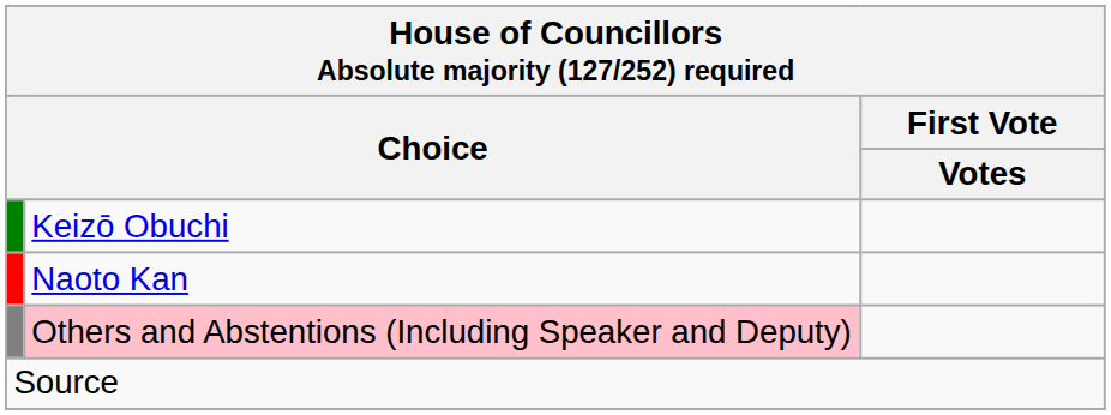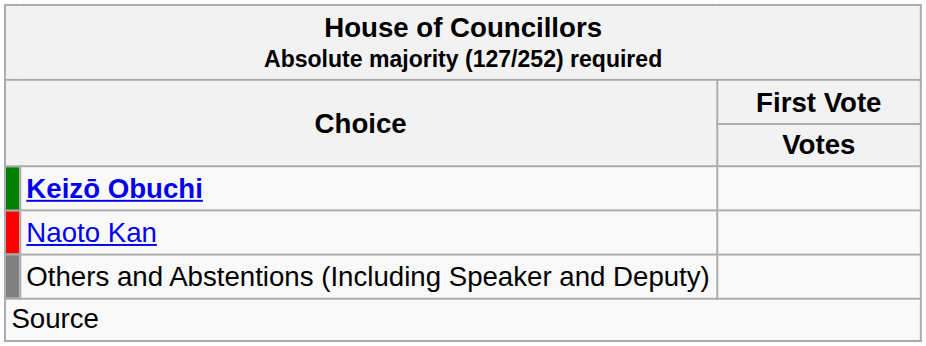 <table class="wikitable" style="font-size:90%;">
 <tr>
 <th colspan="4">House of Councillors <br><small>Absolute majority (127/252) required</small></th>
 </tr>
 <tr>
 <th align="left" rowspan="2" colspan="2" width="100">Choice</th>
 <th colspan="2">First Vote</th>
 </tr>
 <tr>
 <th width="100">Votes</th>
 </tr>
 <tr>
 <td width="1" bgcolor="green"></td>
-<td align="left"><a href='#'>Keizō Obuchi</a></td>
+<td align="left"><strong><a href='#'>Keizō Obuchi</a></strong></td>
 <td></td>
 </tr>
 <tr>
 <td bgcolor="red"></td>
 <td align="left"><a href='#'>Naoto Kan</a></td>
 <td></td>
 </tr>
 <tr>
 <td bgcolor="gray"></td>
-<td align="left" style="background: pink;">Others and Abstentions (Including Speaker and Deputy)</td>
+<td align="left">Others and Abstentions (Including Speaker and Deputy)</td>
 <td></td>
 </tr>
 <tr>
 <td colspan=3>Source </td>
 </tr>
 <tr>
 </tr>
 </table>
